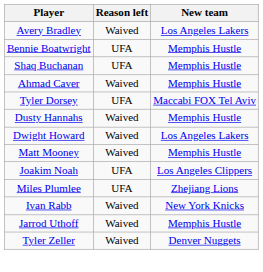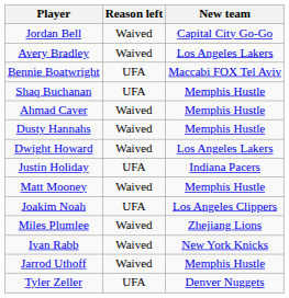 <table class="wikitable sortable sortable" style="text-align: center">
 <tr>
 <th>Player</th>
 <th>Reason left</th>
 <th>New team</th>
+</tr>
+<tr>
+<td><a href='#'>Jordan Bell</a></td>
+<td>Waived</td>
+<td><a href='#'>Capital City Go-Go</a></td>
 </tr>
 <tr>
 <td><a href='#'>Avery Bradley</a></td>
 <td>Waived</td>
 <td><a href='#'>Los Angeles Lakers</a></td>
 </tr>
 <tr>
 <td><a href='#'>Bennie Boatwright</a></td>
 <td>UFA</td>
-<td><a href='#'>Memphis Hustle</a></td>
+<td> <a href='#'>Maccabi FOX Tel Aviv</a></td>
 </tr>
 <tr>
 <td><a href='#'>Shaq Buchanan</a></td>
 <td>UFA</td>
 <td><a href='#'>Memphis Hustle</a></td>
 </tr>
 <tr>
 <td><a href='#'>Ahmad Caver</a></td>
 <td>Waived</td>
 <td><a href='#'>Memphis Hustle</a></td>
 </tr>
 <tr>
-<td><a href='#'>Tyler Dorsey</a></td>
-<td>UFA</td>
-<td> <a href='#'>Maccabi FOX Tel Aviv</a></td>
-</tr>
-<tr>
 <td><a href='#'>Dusty Hannahs</a></td>
 <td>Waived</td>
 <td><a href='#'>Memphis Hustle</a></td>
 </tr>
 <tr>
 <td><a href='#'>Dwight Howard</a></td>
 <td>Waived</td>
 <td><a href='#'>Los Angeles Lakers</a></td>
+</tr>
+<tr>
+<td><a href='#'>Justin Holiday</a></td>
+<td>UFA</td>
+<td><a href='#'>Indiana Pacers</a></td>
 </tr>
 <tr>
 <td><a href='#'>Matt Mooney</a></td>
 <td>Waived</td>
 <td><a href='#'>Memphis Hustle</a></td>
 </tr>
 <tr>
 <td><a href='#'>Joakim Noah</a></td>
 <td>UFA</td>
 <td><a href='#'>Los Angeles Clippers</a></td>
 </tr>
 <tr>
 <td><a href='#'>Miles Plumlee</a></td>
-<td>UFA</td>
+<td>Waived</td>
 <td> <a href='#'>Zhejiang Lions</a></td>
 </tr>
 <tr>
 <td><a href='#'>Ivan Rabb</a></td>
 <td>Waived</td>
 <td><a href='#'>New York Knicks</a></td>
 </tr>
 <tr>
 <td><a href='#'>Jarrod Uthoff</a></td>
 <td>Waived</td>
 <td><a href='#'>Memphis Hustle</a></td>
 </tr>
 <tr>
 <td><a href='#'>Tyler Zeller</a></td>
-<td>Waived</td>
+<td>UFA</td>
 <td><a href='#'>Denver Nuggets</a></td>
 </tr>
 </table>
